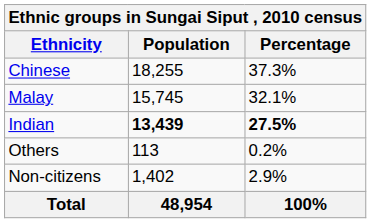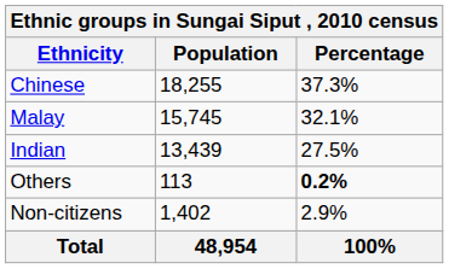 <table class="wikitable">
 <tr>
 <th style="text-align:center;" colspan="3">Ethnic groups in Sungai Siput , 2010 census</th>
 </tr>
 <tr>
 <th><a href='#'>Ethnicity</a></th>
 <th>Population</th>
 <th>Percentage</th>
 </tr>
 <tr>
 <td><a href='#'>Chinese</a></td>
 <td>18,255</td>
 <td>37.3%</td>
 </tr>
 <tr>
 <td><a href='#'>Malay</a></td>
 <td>15,745</td>
 <td>32.1%</td>
 </tr>
 <tr>
 <td><a href='#'>Indian</a></td>
-<td><strong>13,439</strong></td>
-<td><strong>27.5%</strong></td>
+<td>13,439</td>
+<td>27.5%</td>
 </tr>
 <tr>
 <td>Others</td>
 <td>113</td>
-<td>0.2%</td>
+<td><strong>0.2%</strong></td>
 </tr>
 <tr>
 <td>Non-citizens</td>
 <td>1,402</td>
 <td>2.9%</td>
 </tr>
 <tr>
 <th>Total</th>
 <th>48,954</th>
 <th>100%</th>
 </tr>
 </table>
